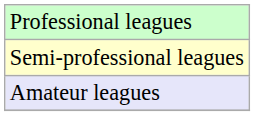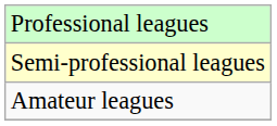 <table class="wikitable">
 <tr bgcolor=#ccffcc>
 <td>Professional leagues</td>
 </tr>
 <tr bgcolor=#ffffcc>
 <td>Semi-professional leagues</td>
 </tr>
 <tr>
-<td style="background: lavender;">Amateur leagues</td>
+<td>Amateur leagues</td>
 </tr>
 <tr>
 </tr>
 </table>
